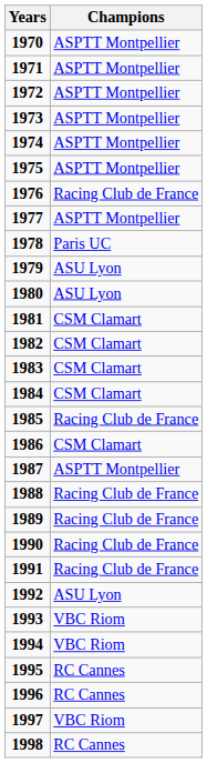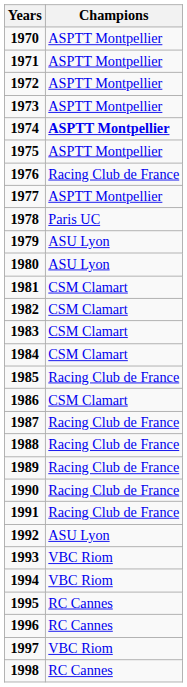 <table class="wikitable" style="display:inline-table;">
 <tr>
 <th>Years</th>
 <th>Champions</th>
 </tr>
 <tr>
 <td align="center"><strong>1970</strong></td>
 <td><a href='#'>ASPTT Montpellier</a></td>
 </tr>
 <tr>
 <td align="center"><strong>1971</strong></td>
 <td><a href='#'>ASPTT Montpellier</a></td>
 </tr>
 <tr>
 <td align="center"><strong>1972</strong></td>
 <td><a href='#'>ASPTT Montpellier</a></td>
 </tr>
 <tr>
 <td align="center"><strong>1973</strong></td>
 <td><a href='#'>ASPTT Montpellier</a></td>
 </tr>
 <tr>
 <td align="center"><strong>1974</strong></td>
-<td><a href='#'>ASPTT Montpellier</a></td>
+<td><strong><a href='#'>ASPTT Montpellier</a></strong></td>
 </tr>
 <tr>
 <td align="center"><strong>1975</strong></td>
 <td><a href='#'>ASPTT Montpellier</a></td>
 </tr>
 <tr>
 <td align="center"><strong>1976</strong></td>
 <td><a href='#'>Racing Club de France</a></td>
 </tr>
 <tr>
 <td align="center"><strong>1977</strong></td>
 <td><a href='#'>ASPTT Montpellier</a></td>
 </tr>
 <tr>
 <td align="center"><strong>1978</strong></td>
 <td><a href='#'>Paris UC</a></td>
 </tr>
 <tr>
 <td align="center"><strong>1979</strong></td>
 <td><a href='#'>ASU Lyon</a></td>
 </tr>
 <tr>
 <td align="center"><strong>1980</strong></td>
 <td><a href='#'>ASU Lyon</a></td>
 </tr>
 <tr>
 <td align="center"><strong>1981</strong></td>
 <td><a href='#'>CSM Clamart</a></td>
 </tr>
 <tr>
 <td align="center"><strong>1982</strong></td>
 <td><a href='#'>CSM Clamart</a></td>
 </tr>
 <tr>
 <td align="center"><strong>1983</strong></td>
 <td><a href='#'>CSM Clamart</a></td>
 </tr>
 <tr>
 <td align="center"><strong>1984</strong></td>
 <td><a href='#'>CSM Clamart</a></td>
 </tr>
 <tr>
 <td align="center"><strong>1985</strong></td>
 <td><a href='#'>Racing Club de France</a></td>
 </tr>
 <tr>
 <td align="center"><strong>1986</strong></td>
 <td><a href='#'>CSM Clamart</a></td>
 </tr>
 <tr>
 <td align="center"><strong>1987</strong></td>
-<td><a href='#'>ASPTT Montpellier</a></td>
+<td><a href='#'>Racing Club de France</a></td>
 </tr>
 <tr>
 <td align="center"><strong>1988</strong></td>
 <td><a href='#'>Racing Club de France</a></td>
 </tr>
 <tr>
 <td align="center"><strong>1989</strong></td>
 <td><a href='#'>Racing Club de France</a></td>
 </tr>
 <tr>
 <td align="center"><strong>1990</strong></td>
 <td><a href='#'>Racing Club de France</a></td>
 </tr>
 <tr>
 <td align="center"><strong>1991</strong></td>
 <td><a href='#'>Racing Club de France</a></td>
 </tr>
 <tr>
 <td align="center"><strong>1992</strong></td>
 <td><a href='#'>ASU Lyon</a></td>
 </tr>
 <tr>
 <td align="center"><strong>1993</strong></td>
 <td><a href='#'>VBC Riom</a></td>
 </tr>
 <tr>
 <td align="center"><strong>1994</strong></td>
 <td><a href='#'>VBC Riom</a></td>
 </tr>
 <tr>
 <td align="center"><strong>1995</strong></td>
 <td><a href='#'>RC Cannes</a></td>
 </tr>
 <tr>
 <td align="center"><strong>1996</strong></td>
 <td><a href='#'>RC Cannes</a></td>
 </tr>
 <tr>
 <td align="center"><strong>1997</strong></td>
 <td><a href='#'>VBC Riom</a></td>
 </tr>
 <tr>
 <td align="center"><strong>1998</strong></td>
 <td><a href='#'>RC Cannes</a></td>
 </tr>
 </table>
